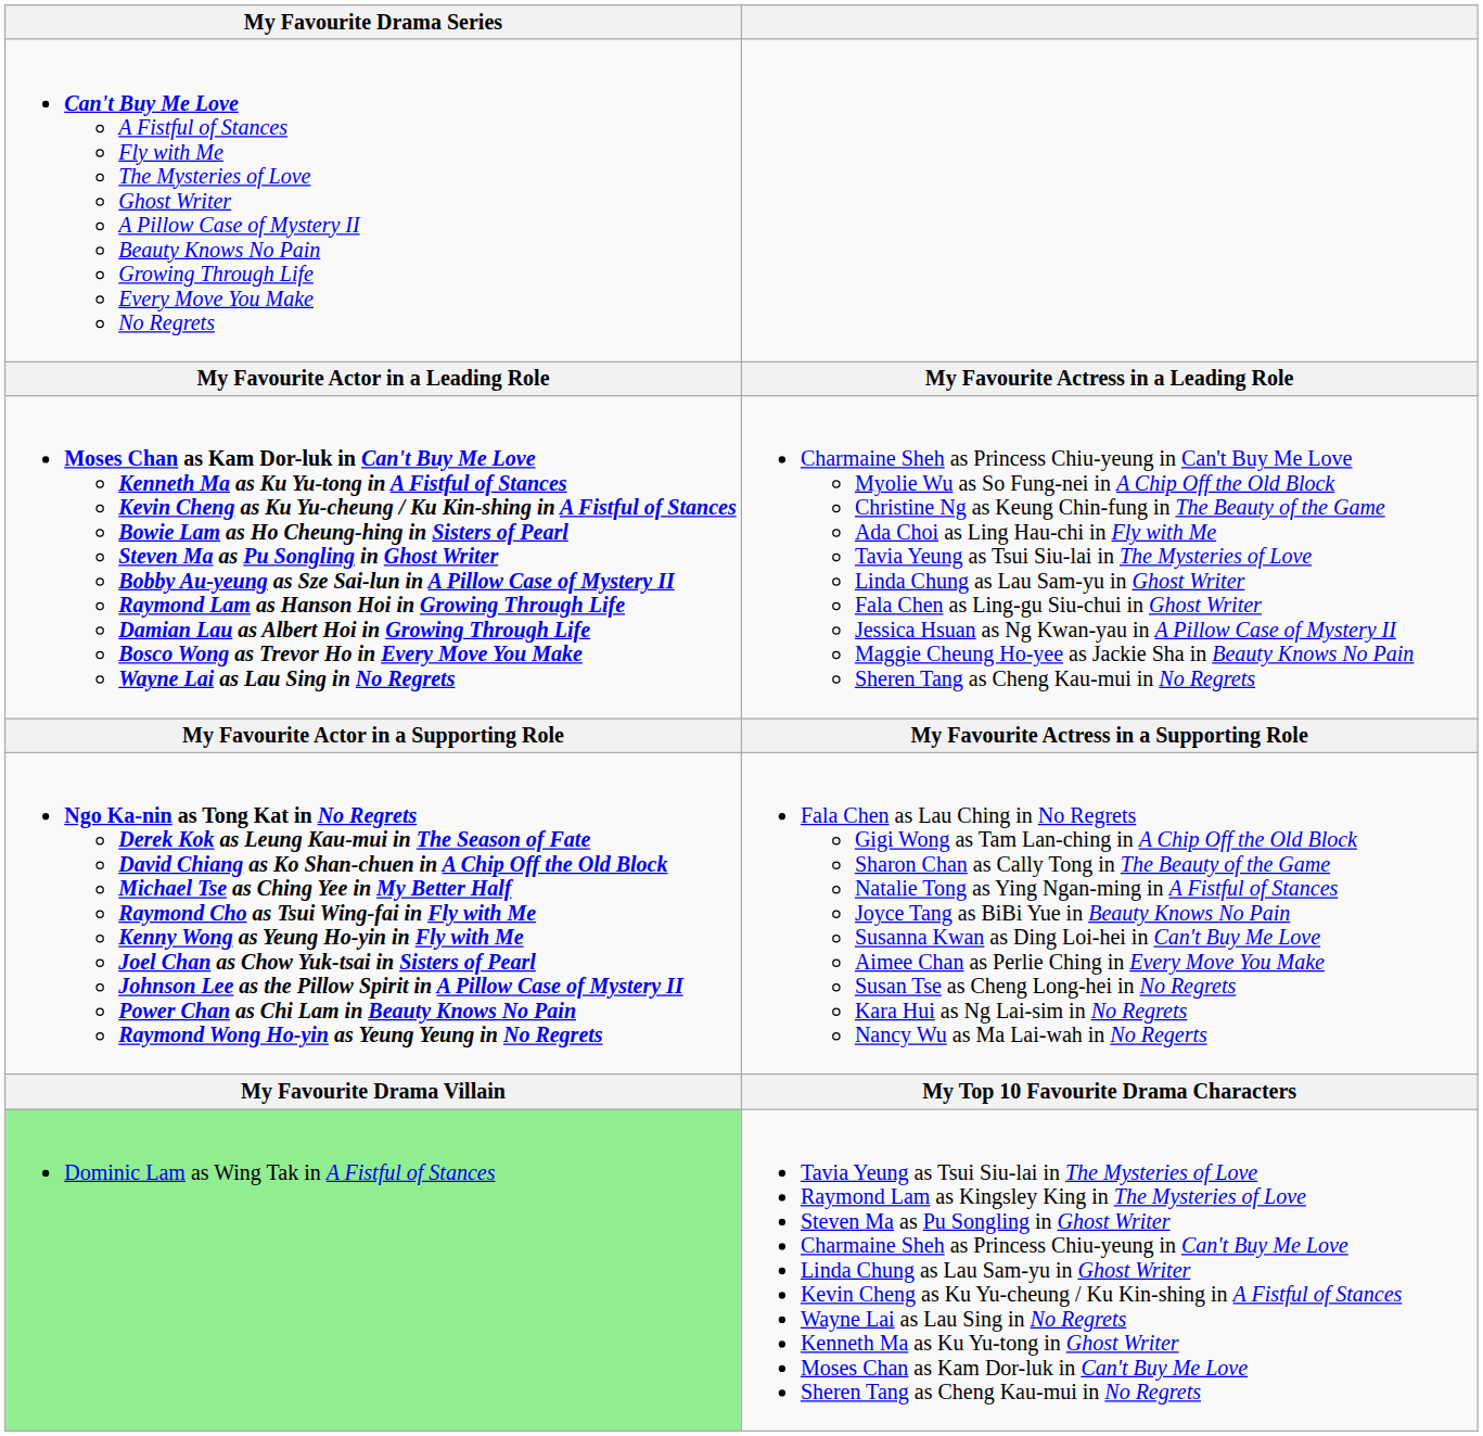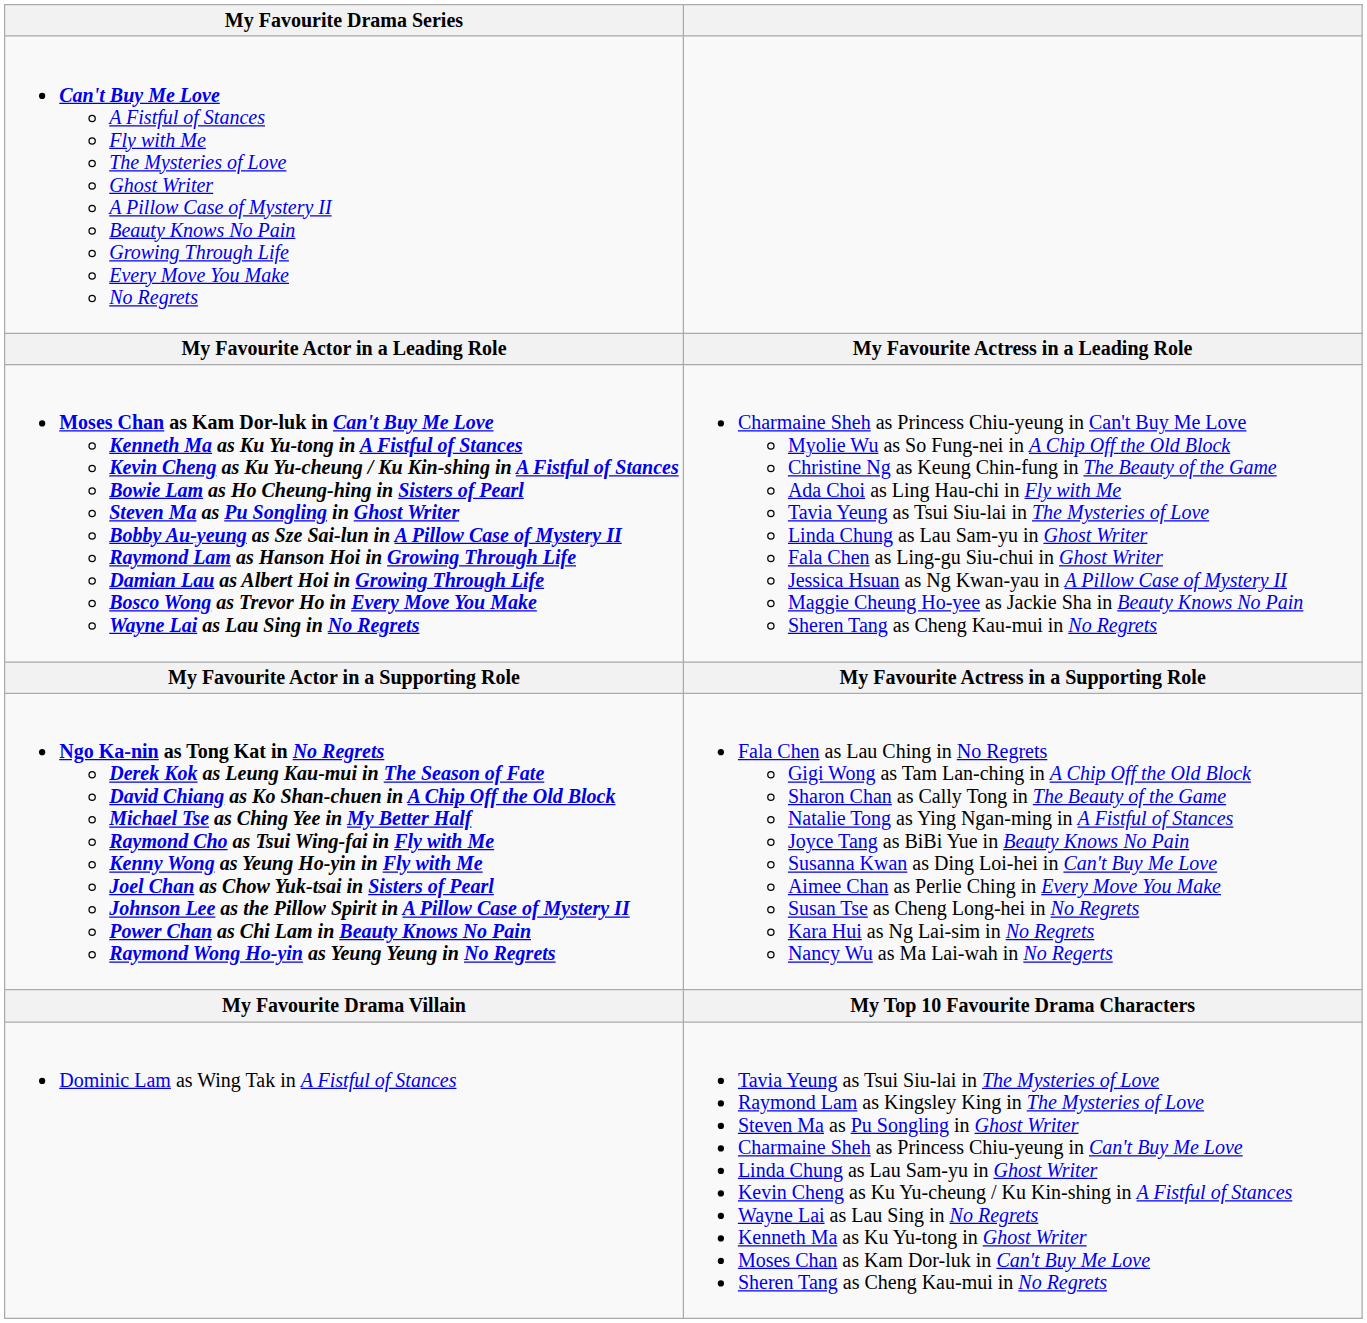 <table class="wikitable">
 <tr>
 <th style="width:50%;">My Favourite Drama Series</th>
 <th style="width:50%;"></th>
 </tr>
 <tr>
 <td valign="top"><br><ul><li><strong><em><a href='#'>Can't Buy Me Love</a></em></strong><ul><li><em><a href='#'>A Fistful of Stances</a></em></li><li><em><a href='#'>Fly with Me</a></em></li><li><em><a href='#'>The Mysteries of Love</a></em></li><li><em><a href='#'>Ghost Writer</a></em></li><li><em><a href='#'>A Pillow Case of Mystery II</a></em></li><li><em><a href='#'>Beauty Knows No Pain</a></em></li><li><em><a href='#'>Growing Through Life</a></em></li><li><em><a href='#'>Every Move You Make</a></em></li><li><em><a href='#'>No Regrets</a></em></li></ul></li></ul></td>
 <td valign="top"></td>
 </tr>
 <tr>
 <th style="width:50%;">My Favourite Actor in a Leading Role</th>
 <th style="width:50%;">My Favourite Actress in a Leading Role</th>
 </tr>
 <tr>
 <td valign="top"><br><ul><li><strong><a href='#'>Moses Chan</a> as Kam Dor-luk in <em><a href='#'>Can't Buy Me Love</a><strong><em><ul><li><a href='#'>Kenneth Ma</a> as Ku Yu-tong in </em><a href='#'>A Fistful of Stances</a><em></li><li><a href='#'>Kevin Cheng</a> as Ku Yu-cheung / Ku Kin-shing in </em><a href='#'>A Fistful of Stances</a><em></li><li><a href='#'>Bowie Lam</a> as Ho Cheung-hing in </em><a href='#'>Sisters of Pearl</a><em></li><li><a href='#'>Steven Ma</a> as <a href='#'>Pu Songling</a> in </em><a href='#'>Ghost Writer</a><em></li><li><a href='#'>Bobby Au-yeung</a> as Sze Sai-lun in </em><a href='#'>A Pillow Case of Mystery II</a><em></li><li><a href='#'>Raymond Lam</a> as Hanson Hoi in </em><a href='#'>Growing Through Life</a><em></li><li><a href='#'>Damian Lau</a> as Albert Hoi in </em><a href='#'>Growing Through Life</a><em></li><li><a href='#'>Bosco Wong</a> as Trevor Ho in </em><a href='#'>Every Move You Make</a><em></li><li><a href='#'>Wayne Lai</a> as Lau Sing in </em><a href='#'>No Regrets</a><em></li></ul></li></ul></td>
 <td valign="top"><br><ul><li></strong><a href='#'>Charmaine Sheh</a> as Princess Chiu-yeung in </em><a href='#'>Can't Buy Me Love</a></em></strong><ul><li><a href='#'>Myolie Wu</a> as So Fung-nei in <em><a href='#'>A Chip Off the Old Block</a></em></li><li><a href='#'>Christine Ng</a> as Keung Chin-fung in <em><a href='#'>The Beauty of the Game</a></em></li><li><a href='#'>Ada Choi</a> as Ling Hau-chi in <em><a href='#'>Fly with Me</a></em></li><li><a href='#'>Tavia Yeung</a> as Tsui Siu-lai in <em><a href='#'>The Mysteries of Love</a></em></li><li><a href='#'>Linda Chung</a> as Lau Sam-yu in <em><a href='#'>Ghost Writer</a></em></li><li><a href='#'>Fala Chen</a> as Ling-gu Siu-chui in <em><a href='#'>Ghost Writer</a></em></li><li><a href='#'>Jessica Hsuan</a> as Ng Kwan-yau in <em><a href='#'>A Pillow Case of Mystery II</a></em></li><li><a href='#'>Maggie Cheung Ho-yee</a> as Jackie Sha in <em><a href='#'>Beauty Knows No Pain</a></em></li><li><a href='#'>Sheren Tang</a> as Cheng Kau-mui in <em><a href='#'>No Regrets</a></em></li></ul></li></ul></td>
 </tr>
 <tr>
 <th style="width:50%;">My Favourite Actor in a Supporting Role</th>
 <th style="width:50%;">My Favourite Actress in a Supporting Role</th>
 </tr>
 <tr>
 <td valign="top"><br><ul><li><strong><a href='#'>Ngo Ka-nin</a> as Tong Kat in <em><a href='#'>No Regrets</a><strong><em><ul><li><a href='#'>Derek Kok</a> as Leung Kau-mui in </em><a href='#'>The Season of Fate</a><em></li><li><a href='#'>David Chiang</a> as Ko Shan-chuen in </em><a href='#'>A Chip Off the Old Block</a><em></li><li><a href='#'>Michael Tse</a> as Ching Yee in </em><a href='#'>My Better Half</a><em></li><li><a href='#'>Raymond Cho</a> as Tsui Wing-fai in </em><a href='#'>Fly with Me</a><em></li><li><a href='#'>Kenny Wong</a> as Yeung Ho-yin in </em><a href='#'>Fly with Me</a><em></li><li><a href='#'>Joel Chan</a> as Chow Yuk-tsai in </em><a href='#'>Sisters of Pearl</a><em></li><li><a href='#'>Johnson Lee</a> as the Pillow Spirit in </em><a href='#'>A Pillow Case of Mystery II</a><em></li><li><a href='#'>Power Chan</a> as Chi Lam in </em><a href='#'>Beauty Knows No Pain</a><em></li><li><a href='#'>Raymond Wong Ho-yin</a> as Yeung Yeung in </em><a href='#'>No Regrets</a><em></li></ul></li></ul></td>
 <td valign="top"><br><ul><li></strong><a href='#'>Fala Chen</a> as Lau Ching in </em><a href='#'>No Regrets</a></em></strong><ul><li><a href='#'>Gigi Wong</a> as Tam Lan-ching in <em><a href='#'>A Chip Off the Old Block</a></em></li><li><a href='#'>Sharon Chan</a> as Cally Tong in <em><a href='#'>The Beauty of the Game</a></em></li><li><a href='#'>Natalie Tong</a> as Ying Ngan-ming in <em><a href='#'>A Fistful of Stances</a></em></li><li><a href='#'>Joyce Tang</a> as BiBi Yue in <em><a href='#'>Beauty Knows No Pain</a></em></li><li><a href='#'>Susanna Kwan</a> as Ding Loi-hei in <em><a href='#'>Can't Buy Me Love</a></em></li><li><a href='#'>Aimee Chan</a> as Perlie Ching in <em><a href='#'>Every Move You Make</a></em></li><li><a href='#'>Susan Tse</a> as Cheng Long-hei in <em><a href='#'>No Regrets</a></em></li><li><a href='#'>Kara Hui</a> as Ng Lai-sim in <em><a href='#'>No Regrets</a></em></li><li><a href='#'>Nancy Wu</a> as Ma Lai-wah in <em><a href='#'>No Regerts</a></em></li></ul></li></ul></td>
 </tr>
 <tr>
 <th style="width:50%;">My Favourite Drama Villain</th>
 <th style="width:50%;">My Top 10 Favourite Drama Characters</th>
 </tr>
 <tr>
-<td valign="top" style="background: lightgreen;"><br><ul><li><a href='#'>Dominic Lam</a> as Wing Tak in <em><a href='#'>A Fistful of Stances</a></em></li></ul></td>
+<td valign="top"><br><ul><li><a href='#'>Dominic Lam</a> as Wing Tak in <em><a href='#'>A Fistful of Stances</a></em></li></ul></td>
 <td valign="top"><br><ul><li><a href='#'>Tavia Yeung</a> as Tsui Siu-lai in <em><a href='#'>The Mysteries of Love</a></em></li><li><a href='#'>Raymond Lam</a> as Kingsley King in <em><a href='#'>The Mysteries of Love</a></em></li><li><a href='#'>Steven Ma</a> as <a href='#'>Pu Songling</a> in <em><a href='#'>Ghost Writer</a></em></li><li><a href='#'>Charmaine Sheh</a> as Princess Chiu-yeung in <em><a href='#'>Can't Buy Me Love</a></em></li><li><a href='#'>Linda Chung</a> as Lau Sam-yu in <em><a href='#'>Ghost Writer</a></em></li><li><a href='#'>Kevin Cheng</a> as Ku Yu-cheung / Ku Kin-shing in <em><a href='#'>A Fistful of Stances</a></em></li><li><a href='#'>Wayne Lai</a> as Lau Sing in <em><a href='#'>No Regrets</a></em></li><li><a href='#'>Kenneth Ma</a> as Ku Yu-tong in <em><a href='#'>Ghost Writer</a></em></li><li><a href='#'>Moses Chan</a> as Kam Dor-luk in <em><a href='#'>Can't Buy Me Love</a></em></li><li><a href='#'>Sheren Tang</a> as Cheng Kau-mui in <em><a href='#'>No Regrets</a></em></li></ul></td>
 </tr>
 </table>
